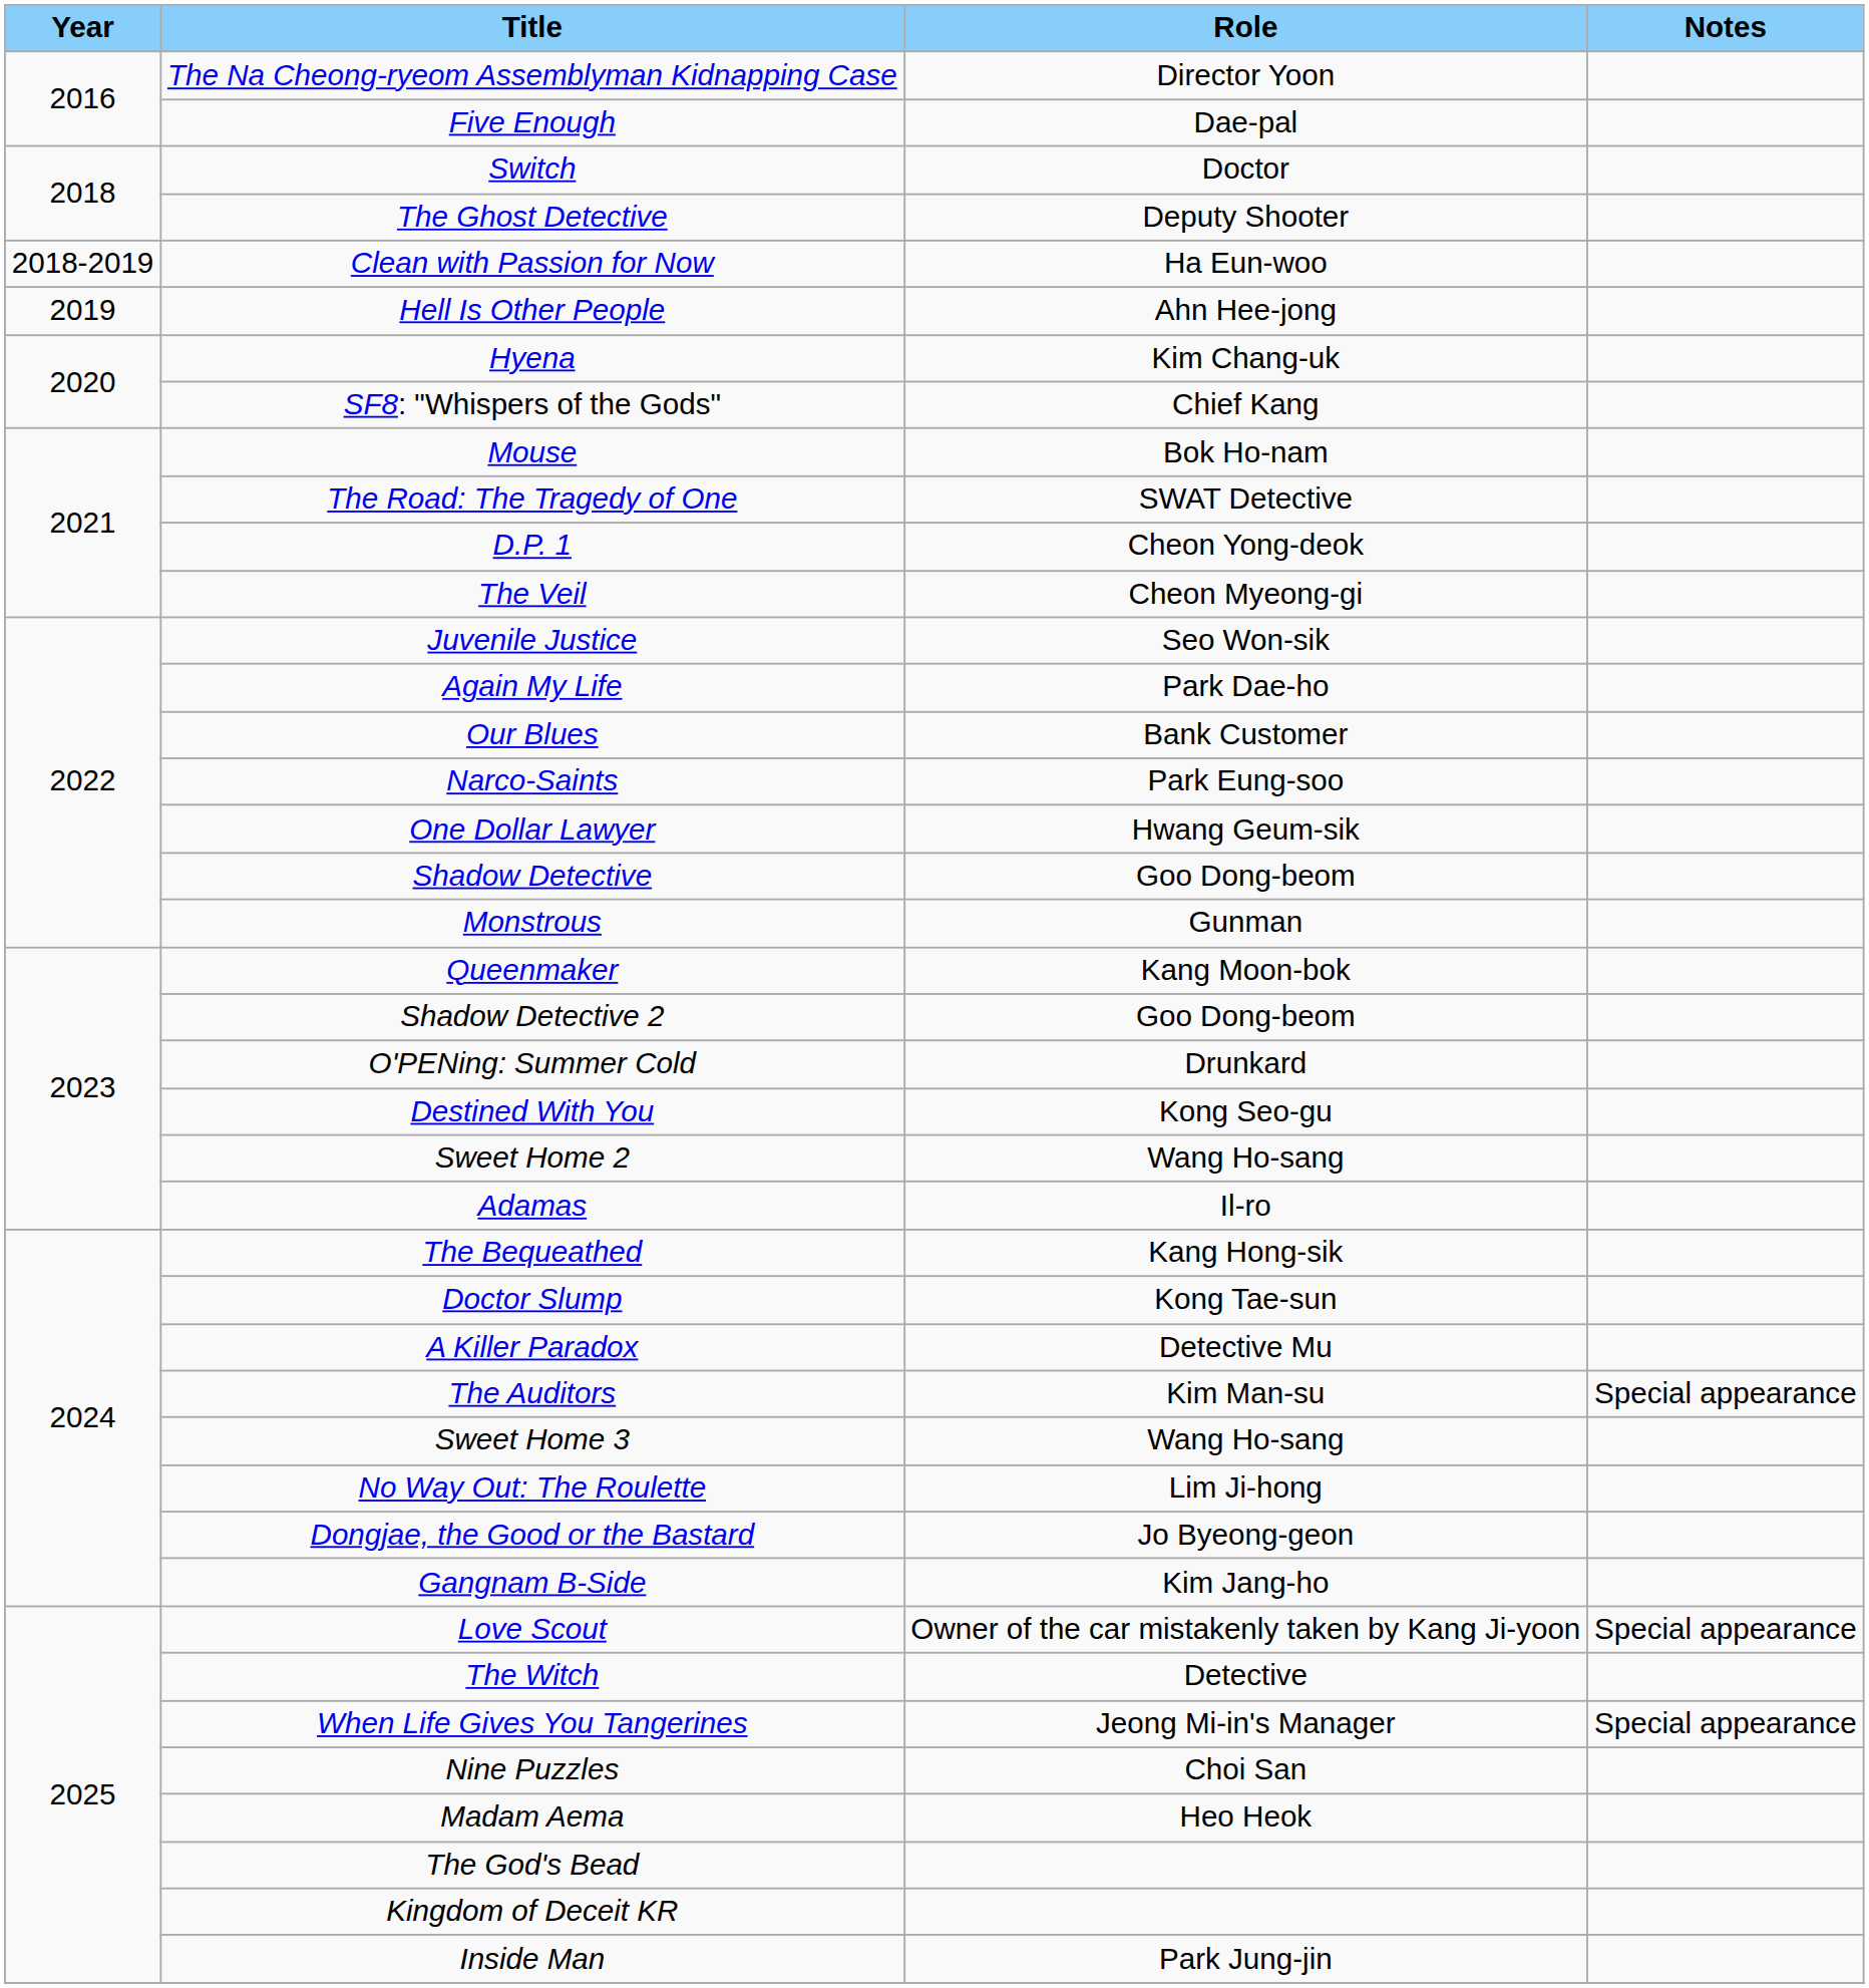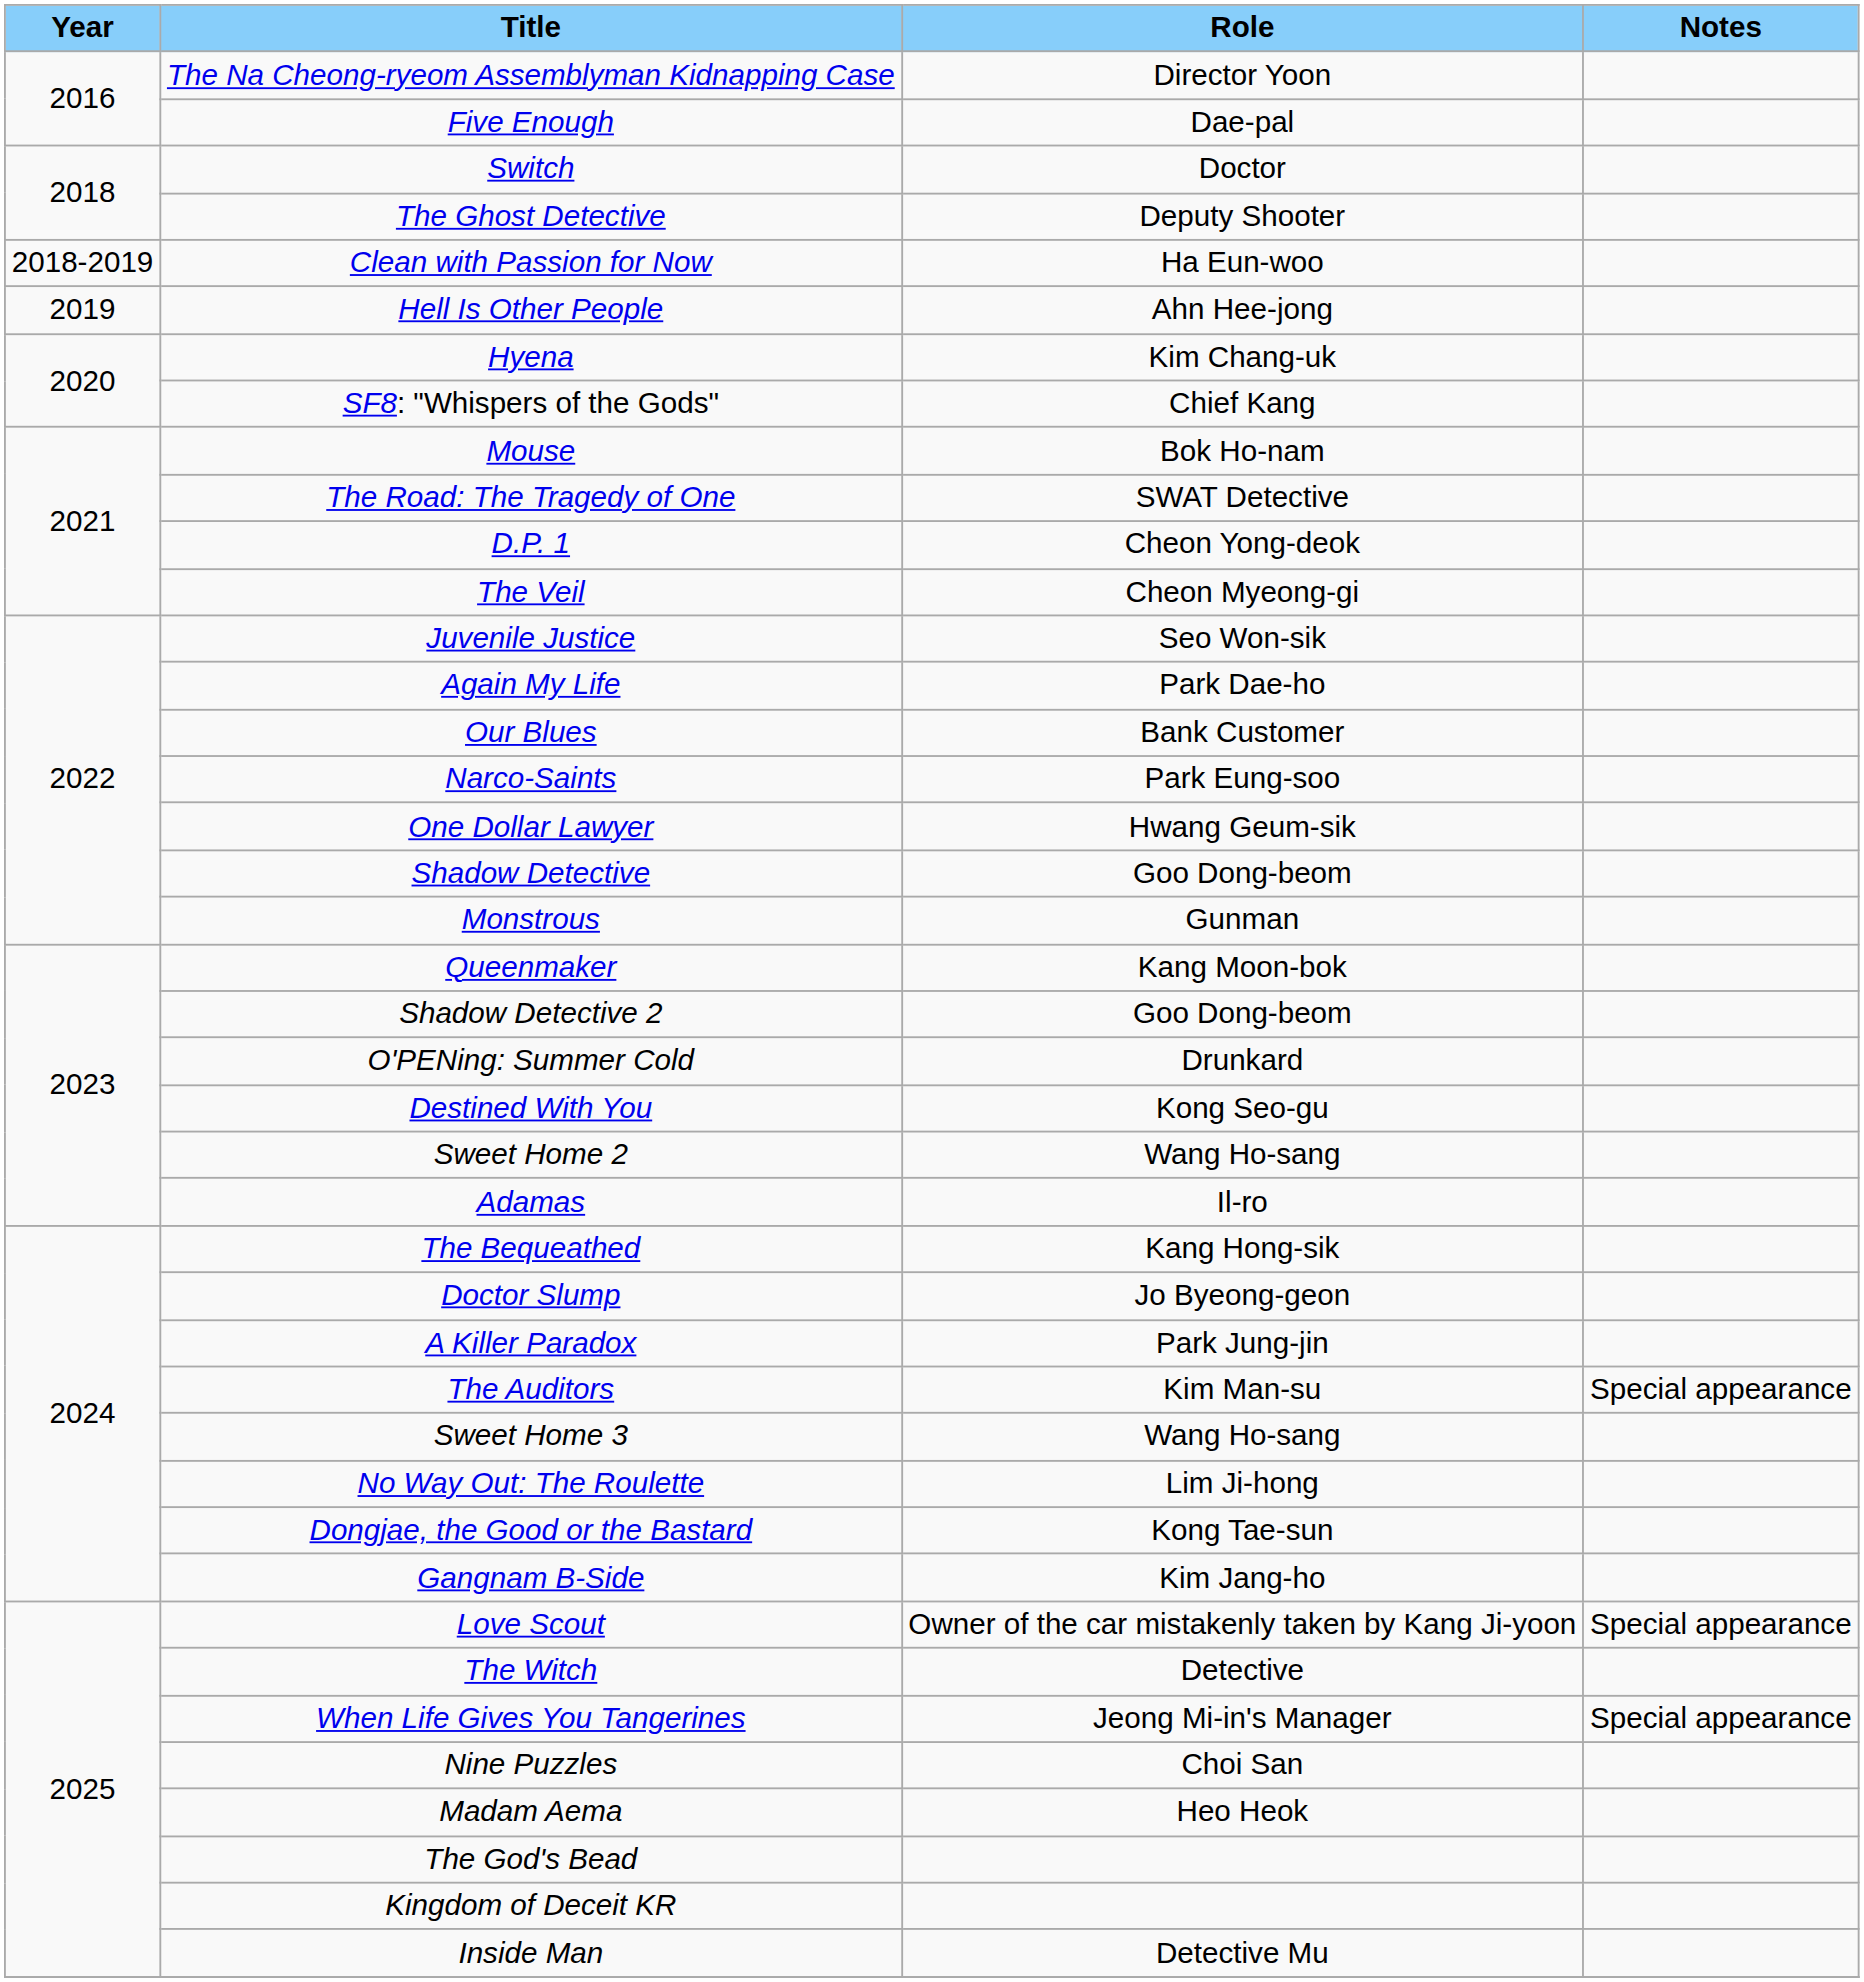 <table class="wikitable" style="text-align:center">
 <tr style="background:#87CEFA; color:black; font-weight:bold">
 <td>Year</td>
 <td>Title</td>
 <td>Role</td>
 <td>Notes</td>
 </tr>
 <tr>
 <td rowspan="2">2016</td>
 <td><em><a href='#'>The Na Cheong-ryeom Assemblyman Kidnapping Case</a></em></td>
 <td>Director Yoon</td>
 <td></td>
 </tr>
 <tr>
 <td><em><a href='#'>Five Enough</a></em></td>
 <td>Dae-pal</td>
 <td></td>
 </tr>
 <tr>
 <td rowspan="2">2018</td>
 <td><em><a href='#'>Switch</a></em></td>
 <td>Doctor</td>
 <td></td>
 </tr>
 <tr>
 <td><em><a href='#'>The Ghost Detective</a></em></td>
 <td>Deputy Shooter</td>
 <td></td>
 </tr>
 <tr>
 <td>2018-2019</td>
 <td><em><a href='#'>Clean with Passion for Now</a></em></td>
 <td>Ha Eun-woo</td>
 <td></td>
 </tr>
 <tr>
 <td>2019</td>
 <td><em><a href='#'>Hell Is Other People</a></em></td>
 <td>Ahn Hee-jong</td>
 <td></td>
 </tr>
 <tr>
 <td rowspan="2">2020</td>
 <td><em><a href='#'>Hyena</a></em></td>
 <td>Kim Chang-uk</td>
 <td></td>
 </tr>
 <tr>
 <td><em><a href='#'>SF8</a></em>: "Whispers of the Gods"</td>
 <td>Chief Kang</td>
 <td></td>
 </tr>
 <tr>
 <td rowspan="4">2021</td>
 <td><em><a href='#'>Mouse</a></em></td>
 <td>Bok Ho-nam</td>
 <td></td>
 </tr>
 <tr>
 <td><em><a href='#'>The Road: The Tragedy of One</a></em></td>
 <td>SWAT Detective</td>
 <td></td>
 </tr>
 <tr>
 <td><em><a href='#'>D.P. 1</a></em></td>
 <td>Cheon Yong-deok</td>
 <td></td>
 </tr>
 <tr>
 <td><em><a href='#'>The Veil</a></em></td>
 <td>Cheon Myeong-gi</td>
 <td></td>
 </tr>
 <tr>
 <td rowspan="7">2022</td>
 <td><em><a href='#'>Juvenile Justice</a></em></td>
 <td>Seo Won-sik</td>
 <td></td>
 </tr>
 <tr>
 <td><em><a href='#'>Again My Life</a></em></td>
 <td>Park Dae-ho</td>
 <td></td>
 </tr>
 <tr>
 <td><em><a href='#'>Our Blues</a></em></td>
 <td>Bank Customer</td>
 <td></td>
 </tr>
 <tr>
 <td><em><a href='#'>Narco-Saints</a></em></td>
 <td>Park Eung-soo</td>
 <td></td>
 </tr>
 <tr>
 <td><em><a href='#'>One Dollar Lawyer</a></em></td>
 <td>Hwang Geum-sik</td>
 <td></td>
 </tr>
 <tr>
 <td><em><a href='#'>Shadow Detective</a></em></td>
 <td>Goo Dong-beom</td>
 <td></td>
 </tr>
 <tr>
 <td><em><a href='#'>Monstrous</a></em></td>
 <td>Gunman</td>
 <td></td>
 </tr>
 <tr>
 <td rowspan="6">2023</td>
 <td><em><a href='#'>Queenmaker</a></em></td>
 <td>Kang Moon-bok</td>
 <td></td>
 </tr>
 <tr>
 <td><em>Shadow Detective 2</em></td>
 <td>Goo Dong-beom</td>
 <td></td>
 </tr>
 <tr>
 <td><em>O'PENing: Summer Cold</em></td>
 <td>Drunkard</td>
 <td></td>
 </tr>
 <tr>
 <td><em><a href='#'>Destined With You</a></em></td>
 <td>Kong Seo-gu</td>
 <td></td>
 </tr>
 <tr>
 <td><em>Sweet Home 2</em></td>
 <td>Wang Ho-sang</td>
 <td></td>
 </tr>
 <tr>
 <td><em><a href='#'>Adamas</a></em></td>
 <td>Il-ro</td>
 <td></td>
 </tr>
 <tr>
 <td rowspan="8">2024</td>
 <td><em><a href='#'>The Bequeathed</a></em></td>
 <td>Kang Hong-sik</td>
 <td></td>
 </tr>
 <tr>
 <td><em><a href='#'>Doctor Slump</a></em></td>
-<td>Kong Tae-sun</td>
+<td>Jo Byeong-geon</td>
 <td></td>
 </tr>
 <tr>
 <td><em><a href='#'>A Killer Paradox</a></em></td>
-<td>Detective Mu</td>
+<td>Park Jung-jin</td>
 <td></td>
 </tr>
 <tr>
 <td><em><a href='#'>The Auditors</a></em></td>
 <td>Kim Man-su</td>
 <td>Special appearance</td>
 </tr>
 <tr>
 <td><em>Sweet Home 3</em></td>
 <td>Wang Ho-sang</td>
 <td></td>
 </tr>
 <tr>
 <td><em><a href='#'>No Way Out: The Roulette</a></em></td>
 <td>Lim Ji-hong</td>
 <td></td>
 </tr>
 <tr>
 <td><em><a href='#'>Dongjae, the Good or the Bastard</a></em></td>
-<td>Jo Byeong-geon</td>
+<td>Kong Tae-sun</td>
 <td></td>
 </tr>
 <tr>
 <td><em><a href='#'>Gangnam B-Side</a></em></td>
 <td>Kim Jang-ho</td>
 <td></td>
 </tr>
 <tr>
 <td rowspan="8">2025</td>
 <td><em><a href='#'>Love Scout</a></em></td>
 <td>Owner of the car mistakenly taken by Kang Ji-yoon</td>
 <td>Special appearance</td>
 </tr>
 <tr>
 <td><em><a href='#'>The Witch</a></em></td>
 <td>Detective</td>
 <td></td>
 </tr>
 <tr>
 <td><em><a href='#'>When Life Gives You Tangerines</a></em></td>
 <td>Jeong Mi-in's Manager</td>
 <td>Special appearance</td>
 </tr>
 <tr>
 <td><em>Nine Puzzles</em></td>
 <td>Choi San</td>
 <td></td>
 </tr>
 <tr>
 <td><em>Madam Aema</em></td>
 <td>Heo Heok</td>
 <td></td>
 </tr>
 <tr>
 <td><em>The God's Bead</em></td>
 <td></td>
 <td></td>
 </tr>
 <tr>
 <td><em>Kingdom of Deceit KR</em></td>
 <td></td>
 <td></td>
 </tr>
 <tr>
 <td><em>Inside Man</em></td>
-<td>Park Jung-jin</td>
+<td>Detective Mu</td>
 <td></td>
 </tr>
 <tr>
 </tr>
 </table>
